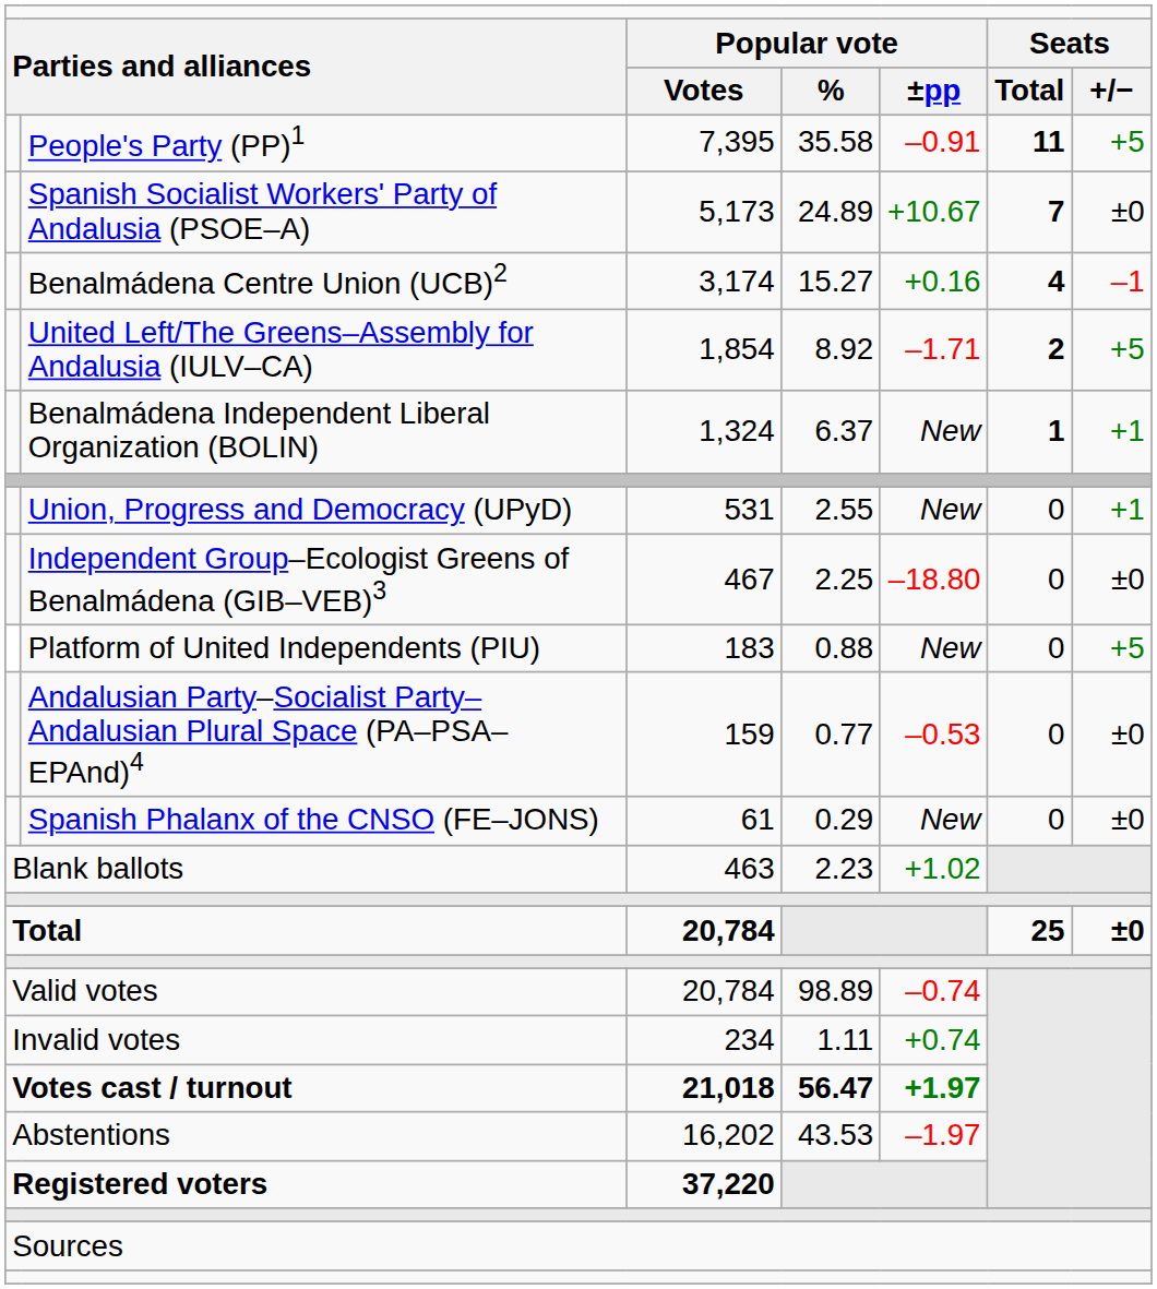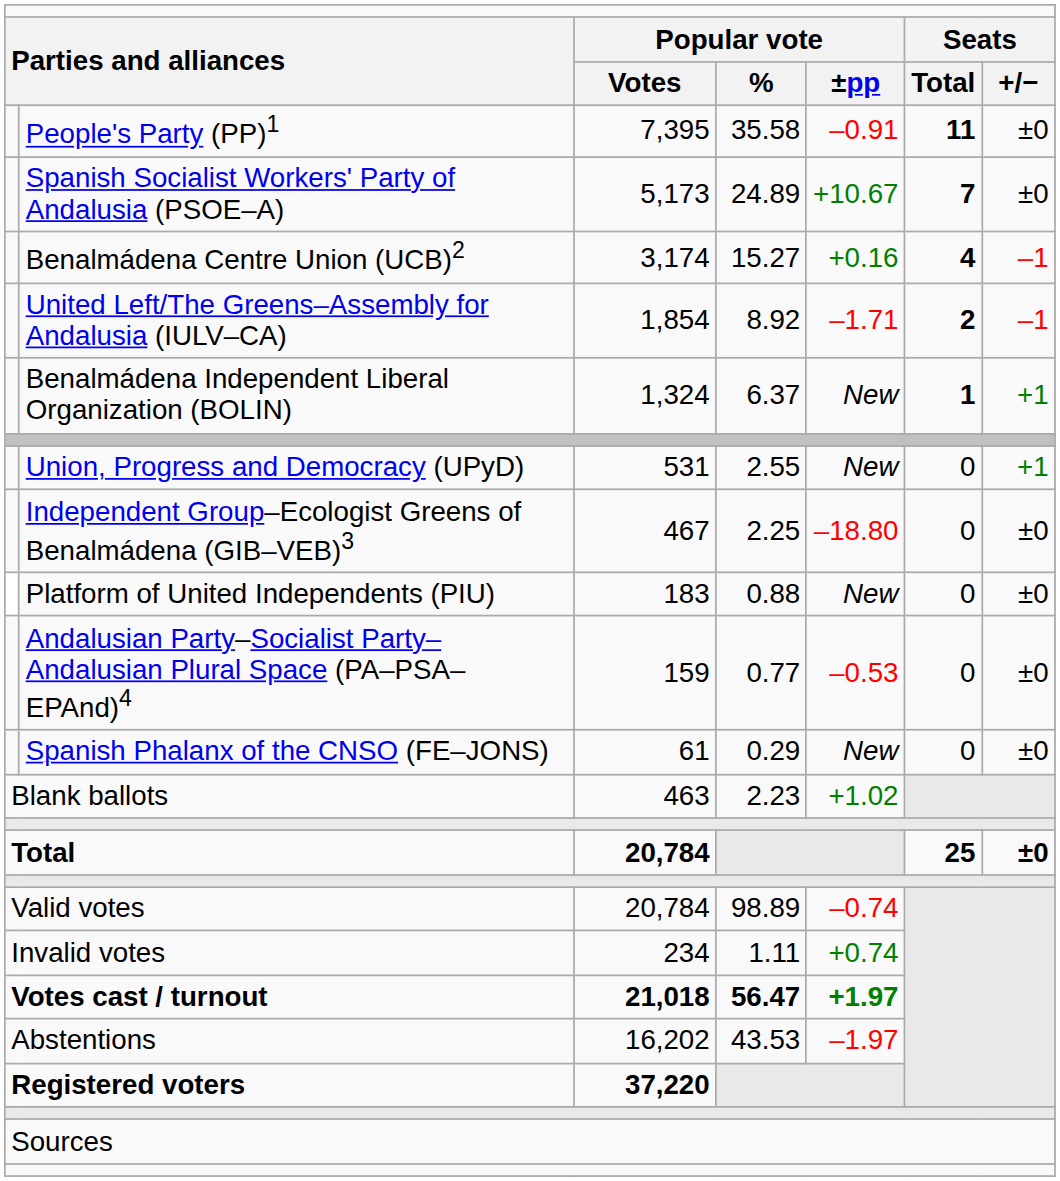 <table class="wikitable" style="text-align:right;">
 <tr>
 <td colspan="7"></td>
 </tr>
 <tr>
 <th style="text-align:left;" rowspan="2" colspan="2" width="525">Parties and alliances</th>
 <th colspan="3">Popular vote</th>
 <th colspan="2">Seats</th>
 </tr>
 <tr>
 <th width="75">Votes</th>
 <th width="45">%</th>
 <th width="45">±<a href='#'>pp</a></th>
 <th width="35">Total</th>
 <th width="35">+/−</th>
 </tr>
 <tr>
 <td width="1" style="color:inherit;background:"></td>
 <td align="left"><a href='#'>People's Party</a> (PP)<sup>1</sup></td>
 <td>7,395</td>
 <td>35.58</td>
 <td style="color:red;">–0.91</td>
 <td><strong>11</strong></td>
-<td style="color:green;">+5</td>
+<td>±0</td>
 </tr>
 <tr>
 <td style="color:inherit;background:"></td>
 <td align="left"><a href='#'>Spanish Socialist Workers' Party of Andalusia</a> (PSOE–A)</td>
 <td>5,173</td>
 <td>24.89</td>
 <td style="color:green;">+10.67</td>
 <td><strong>7</strong></td>
 <td>±0</td>
 </tr>
 <tr>
 <td style="color:inherit;background:"></td>
 <td align="left">Benalmádena Centre Union (UCB)<sup>2</sup></td>
 <td>3,174</td>
 <td>15.27</td>
 <td style="color:green;">+0.16</td>
 <td><strong>4</strong></td>
 <td style="color:red;">–1</td>
 </tr>
 <tr>
 <td style="color:inherit;background:"></td>
 <td align="left"><a href='#'>United Left/The Greens–Assembly for Andalusia</a> (IULV–CA)</td>
 <td>1,854</td>
 <td>8.92</td>
 <td style="color:red;">–1.71</td>
 <td><strong>2</strong></td>
-<td style="color:green;">+5</td>
+<td style="color:red;">–1</td>
 </tr>
 <tr>
 <td style="color:inherit;background:"></td>
 <td align="left">Benalmádena Independent Liberal Organization (BOLIN)</td>
 <td>1,324</td>
 <td>6.37</td>
 <td><em>New</em></td>
 <td><strong>1</strong></td>
 <td style="color:green;">+1</td>
 </tr>
 <tr>
 <td colspan="7" bgcolor="#C0C0C0"></td>
 </tr>
 <tr>
 <td style="color:inherit;background:"></td>
 <td align="left"><a href='#'>Union, Progress and Democracy</a> (UPyD)</td>
 <td>531</td>
 <td>2.55</td>
 <td><em>New</em></td>
 <td>0</td>
 <td style="color:green;">+1</td>
 </tr>
 <tr>
 <td style="color:inherit;background:"></td>
 <td align="left"><a href='#'>Independent Group</a>–Ecologist Greens of Benalmádena (GIB–VEB)<sup>3</sup></td>
 <td>467</td>
 <td>2.25</td>
 <td style="color:red;">–18.80</td>
 <td>0</td>
 <td>±0</td>
 </tr>
 <tr>
 <td bgcolor="white"></td>
 <td align="left">Platform of United Independents (PIU)</td>
 <td>183</td>
 <td>0.88</td>
 <td><em>New</em></td>
 <td>0</td>
-<td style="color:green;">+5</td>
+<td>±0</td>
 </tr>
 <tr>
 <td style="color:inherit;background:"></td>
 <td align="left"><a href='#'>Andalusian Party</a>–<a href='#'>Socialist Party–Andalusian Plural Space</a> (PA–PSA–EPAnd)<sup>4</sup></td>
 <td>159</td>
 <td>0.77</td>
 <td style="color:red;">–0.53</td>
 <td>0</td>
 <td>±0</td>
 </tr>
 <tr>
 <td style="color:inherit;background:"></td>
 <td align="left"><a href='#'>Spanish Phalanx of the CNSO</a> (FE–JONS)</td>
 <td>61</td>
 <td>0.29</td>
 <td><em>New</em></td>
 <td>0</td>
 <td>±0</td>
 </tr>
 <tr>
 <td align="left" colspan="2">Blank ballots</td>
 <td>463</td>
 <td>2.23</td>
 <td style="color:green;">+1.02</td>
 <td bgcolor="#E9E9E9" colspan="2"></td>
 </tr>
 <tr>
 <td colspan="7" bgcolor="#E9E9E9"></td>
 </tr>
 <tr style="font-weight:bold;">
 <td align="left" colspan="2">Total</td>
 <td>20,784</td>
 <td bgcolor="#E9E9E9" colspan="2"></td>
 <td>25</td>
 <td>±0</td>
 </tr>
 <tr>
 <td colspan="7" bgcolor="#E9E9E9"></td>
 </tr>
 <tr>
 <td align="left" colspan="2">Valid votes</td>
 <td>20,784</td>
 <td>98.89</td>
 <td style="color:red;">–0.74</td>
 <td bgcolor="#E9E9E9" colspan="2" rowspan="5"></td>
 </tr>
 <tr>
 <td align="left" colspan="2">Invalid votes</td>
 <td>234</td>
 <td>1.11</td>
 <td style="color:green;">+0.74</td>
 </tr>
 <tr style="font-weight:bold;">
 <td align="left" colspan="2">Votes cast / turnout</td>
 <td>21,018</td>
 <td>56.47</td>
 <td style="color:green;">+1.97</td>
 </tr>
 <tr>
 <td align="left" colspan="2">Abstentions</td>
 <td>16,202</td>
 <td>43.53</td>
 <td style="color:red;">–1.97</td>
 </tr>
 <tr style="font-weight:bold;">
 <td align="left" colspan="2">Registered voters</td>
 <td>37,220</td>
 <td bgcolor="#E9E9E9" colspan="2"></td>
 </tr>
 <tr>
 <td colspan="7" bgcolor="#E9E9E9"></td>
 </tr>
 <tr>
 <td align="left" colspan="7">Sources</td>
 </tr>
 <tr>
 <td colspan="7" style="text-align:left; max-width:790px;"></td>
 </tr>
 </table>
